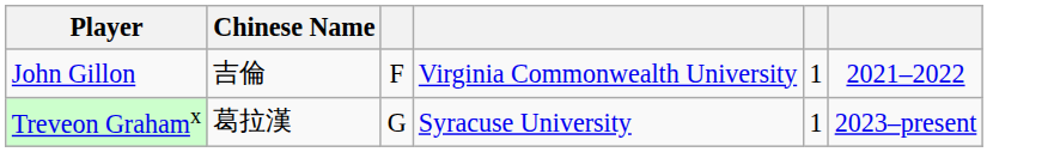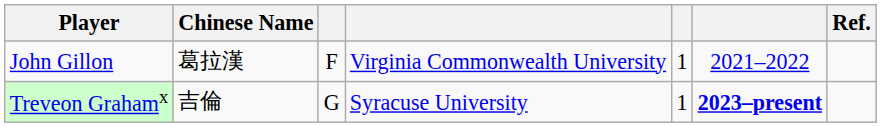 <table class="wikitable sortable" style="font-size:95%; text-align:left;">
 <tr>
 <th>Player</th>
 <th>Chinese Name</th>
 <th></th>
 <th></th>
 <th></th>
 <th></th>
+<th>Ref.</th>
 </tr>
 <tr>
 <td><a href='#'>John Gillon</a></td>
-<td>吉倫</td>
+<td>葛拉漢</td>
 <td align="center">F</td>
 <td><a href='#'>Virginia Commonwealth University</a></td>
 <td align="center">1</td>
 <td align="center"><a href='#'>2021–2022</a></td>
+<td></td>
 </tr>
 <tr>
 <td bgcolor="#CCFFCC"><a href='#'>Treveon Graham</a><sup>x</sup></td>
-<td>葛拉漢</td>
+<td>吉倫</td>
 <td align="center">G</td>
 <td><a href='#'>Syracuse University</a></td>
 <td align="center">1</td>
-<td align="center"><a href='#'>2023–present</a></td>
+<td align="center"><strong><a href='#'>2023–present</a></strong></td>
+<td></td>
 </tr>
 </table>
